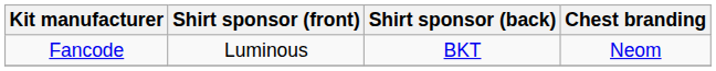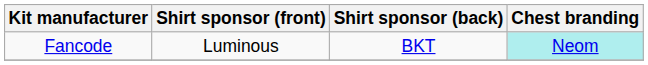 <table class="wikitable" style="text-align: center;">
 <tr>
 <th>Kit manufacturer</th>
 <th>Shirt sponsor (front)</th>
 <th>Shirt sponsor (back)</th>
 <th>Chest branding</th>
 </tr>
 <tr>
 <td><a href='#'>Fancode</a></td>
 <td>Luminous</td>
 <td><a href='#'>BKT</a></td>
-<td><a href='#'>Neom</a></td>
+<td style="background: paleturquoise;"><a href='#'>Neom</a></td>
 </tr>
 <tr>
 </tr>
 </table>
